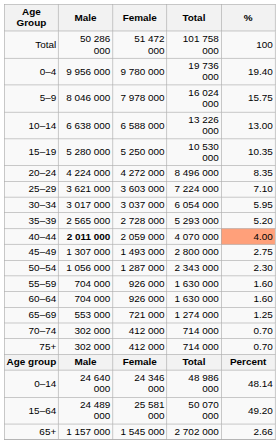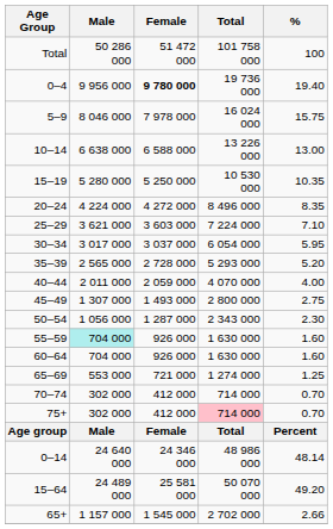 <table class="wikitable">
 <tr>
 <th width="80pt">Age Group</th>
 <th width="80pt">Male</th>
 <th width="80pt">Female</th>
 <th width="80pt">Total</th>
 <th width="80pt">%</th>
 </tr>
 <tr>
 <td align="right">Total</td>
 <td align="right">50 286 000</td>
 <td align="right">51 472 000</td>
 <td align="right">101 758 000</td>
 <td align="right">100</td>
 </tr>
 <tr>
 <td align="right">0–4</td>
 <td align="right">9 956 000</td>
-<td align="right">9 780 000</td>
+<td align="right"><strong>9 780 000</strong></td>
 <td align="right">19 736 000</td>
 <td align="right">19.40</td>
 </tr>
 <tr>
 <td align="right">5–9</td>
 <td align="right">8 046 000</td>
 <td align="right">7 978 000</td>
 <td align="right">16 024 000</td>
 <td align="right">15.75</td>
 </tr>
 <tr>
 <td align="right">10–14</td>
 <td align="right">6 638 000</td>
 <td align="right">6 588 000</td>
 <td align="right">13 226 000</td>
 <td align="right">13.00</td>
 </tr>
 <tr>
 <td align="right">15–19</td>
 <td align="right">5 280 000</td>
 <td align="right">5 250 000</td>
 <td align="right">10 530 000</td>
 <td align="right">10.35</td>
 </tr>
 <tr>
 <td align="right">20–24</td>
 <td align="right">4 224 000</td>
 <td align="right">4 272 000</td>
 <td align="right">8 496 000</td>
 <td align="right">8.35</td>
 </tr>
 <tr>
 <td align="right">25–29</td>
 <td align="right">3 621 000</td>
 <td align="right">3 603 000</td>
 <td align="right">7 224 000</td>
 <td align="right">7.10</td>
 </tr>
 <tr>
 <td align="right">30–34</td>
 <td align="right">3 017 000</td>
 <td align="right">3 037 000</td>
 <td align="right">6 054 000</td>
 <td align="right">5.95</td>
 </tr>
 <tr>
 <td align="right">35–39</td>
 <td align="right">2 565 000</td>
 <td align="right">2 728 000</td>
 <td align="right">5 293 000</td>
 <td align="right">5.20</td>
 </tr>
 <tr>
 <td align="right">40–44</td>
-<td align="right"><strong>2 011 000</strong></td>
+<td align="right">2 011 000</td>
 <td align="right">2 059 000</td>
 <td align="right">4 070 000</td>
-<td align="right" style="background: lightsalmon;">4.00</td>
+<td align="right">4.00</td>
 </tr>
 <tr>
 <td align="right">45–49</td>
 <td align="right">1 307 000</td>
 <td align="right">1 493 000</td>
 <td align="right">2 800 000</td>
 <td align="right">2.75</td>
 </tr>
 <tr>
 <td align="right">50–54</td>
 <td align="right">1 056 000</td>
 <td align="right">1 287 000</td>
 <td align="right">2 343 000</td>
 <td align="right">2.30</td>
 </tr>
 <tr>
 <td align="right">55–59</td>
-<td align="right">704 000</td>
+<td align="right" style="background: paleturquoise;">704 000</td>
 <td align="right">926 000</td>
 <td align="right">1 630 000</td>
 <td align="right">1.60</td>
 </tr>
 <tr>
 <td align="right">60–64</td>
 <td align="right">704 000</td>
 <td align="right">926 000</td>
 <td align="right">1 630 000</td>
 <td align="right">1.60</td>
 </tr>
 <tr>
 <td align="right">65–69</td>
 <td align="right">553 000</td>
 <td align="right">721 000</td>
 <td align="right">1 274 000</td>
 <td align="right">1.25</td>
 </tr>
 <tr>
 <td align="right">70–74</td>
 <td align="right">302 000</td>
 <td align="right">412 000</td>
 <td align="right">714 000</td>
 <td align="right">0.70</td>
 </tr>
 <tr>
 <td align="right">75+</td>
 <td align="right">302 000</td>
 <td align="right">412 000</td>
-<td align="right">714 000</td>
+<td align="right" style="background: pink;">714 000</td>
 <td align="right">0.70</td>
 </tr>
 <tr>
 <th width="50">Age group</th>
 <th width="80pt">Male</th>
 <th width="80">Female</th>
 <th width="80">Total</th>
 <th width="50">Percent</th>
 </tr>
 <tr>
 <td align="right">0–14</td>
 <td align="right">24 640 000</td>
 <td align="right">24 346 000</td>
 <td align="right">48 986 000</td>
 <td align="right">48.14</td>
 </tr>
 <tr>
 <td align="right">15–64</td>
 <td align="right">24 489 000</td>
 <td align="right">25 581 000</td>
 <td align="right">50 070 000</td>
 <td align="right">49.20</td>
 </tr>
 <tr>
 <td align="right">65+</td>
 <td align="right">1 157 000</td>
 <td align="right">1 545 000</td>
 <td align="right">2 702 000</td>
 <td align="right">2.66</td>
 </tr>
 <tr>
 </tr>
 </table>
